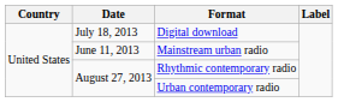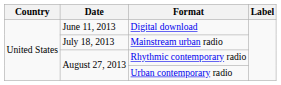 <table class="wikitable">
 <tr>
 <th>Country</th>
 <th>Date</th>
 <th>Format</th>
 <th>Label</th>
 </tr>
 <tr>
 <td rowspan="4">United States</td>
-<td>July 18, 2013</td>
+<td>June 11, 2013</td>
 <td><a href='#'>Digital download</a></td>
 <td rowspan="4"></td>
 </tr>
 <tr>
-<td>June 11, 2013</td>
+<td>July 18, 2013</td>
 <td><a href='#'>Mainstream urban</a> radio</td>
 </tr>
 <tr>
 <td rowspan="2">August 27, 2013</td>
 <td><a href='#'>Rhythmic contemporary</a> radio</td>
 </tr>
 <tr>
 <td><a href='#'>Urban contemporary</a> radio</td>
 </tr>
 </table>
